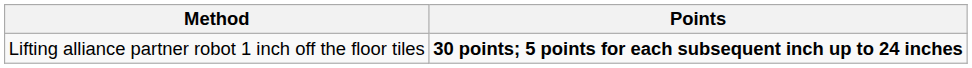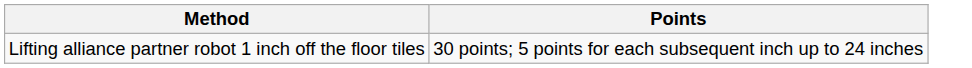 <table class="wikitable">
 <tr>
 <th>Method</th>
 <th>Points</th>
 </tr>
 <tr>
 <td>Lifting alliance partner robot 1 inch off the floor tiles</td>
-<td><strong>30 points; 5 points for each subsequent inch up to 24 inches</strong></td>
+<td>30 points; 5 points for each subsequent inch up to 24 inches</td>
 </tr>
 </table>
